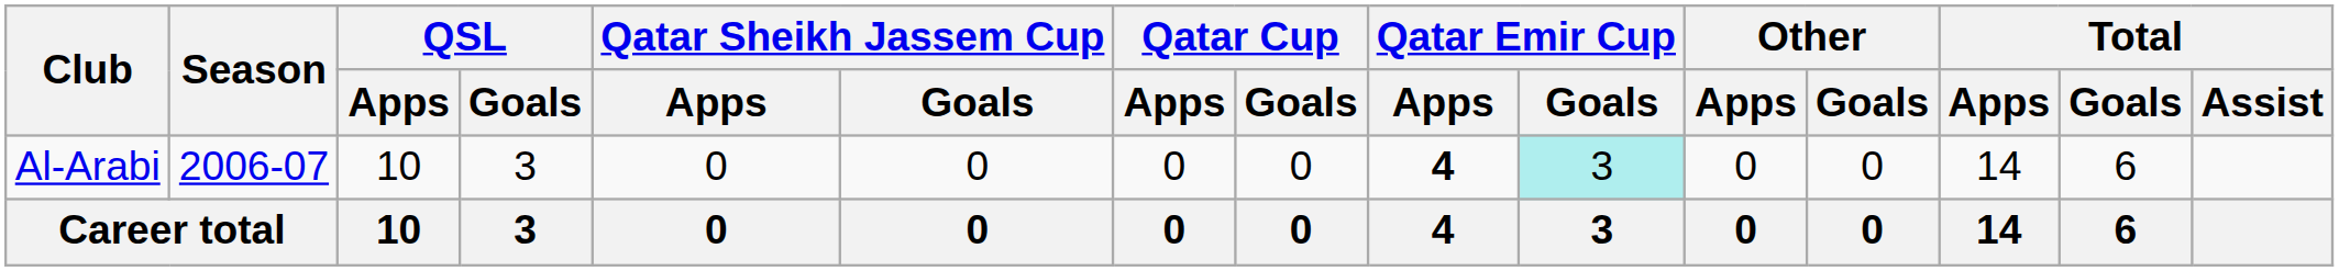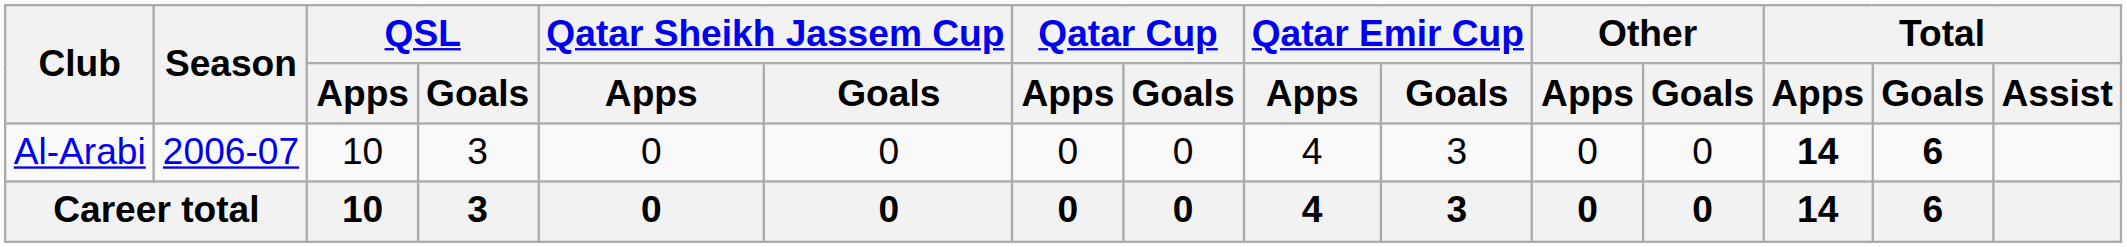 <table class="wikitable" style="text-align: center">
 <tr>
 <th rowspan="2">Club</th>
 <th rowspan="2">Season</th>
 <th colspan="2"><a href='#'>QSL</a></th>
 <th colspan="2"><a href='#'>Qatar Sheikh Jassem Cup</a></th>
 <th colspan="2"><a href='#'>Qatar Cup</a></th>
 <th colspan="2"><a href='#'>Qatar Emir Cup</a></th>
 <th colspan="2">Other</th>
 <th colspan="3">Total</th>
 </tr>
 <tr>
 <th>Apps</th>
 <th>Goals</th>
 <th>Apps</th>
 <th>Goals</th>
 <th>Apps</th>
 <th>Goals</th>
 <th>Apps</th>
 <th>Goals</th>
 <th>Apps</th>
 <th>Goals</th>
 <th>Apps</th>
 <th>Goals</th>
 <th>Assist</th>
 </tr>
 <tr>
 <td rowspan="1"><a href='#'>Al-Arabi</a></td>
 <td><a href='#'>2006-07</a></td>
 <td>10</td>
 <td>3</td>
 <td>0</td>
 <td>0</td>
 <td>0</td>
 <td>0</td>
-<td><strong>4</strong></td>
-<td style="background: paleturquoise;">3</td>
+<td>4</td>
+<td>3</td>
 <td>0</td>
 <td>0</td>
-<td>14</td>
-<td>6</td>
+<td><strong>14</strong></td>
+<td><strong>6</strong></td>
 </tr>
 <tr>
 <th colspan="2">Career total</th>
 <th>10</th>
 <th>3</th>
 <th>0</th>
 <th>0</th>
 <th>0</th>
 <th>0</th>
 <th>4</th>
 <th>3</th>
 <th>0</th>
 <th>0</th>
 <th>14</th>
 <th>6</th>
 <th></th>
 </tr>
 </table>
